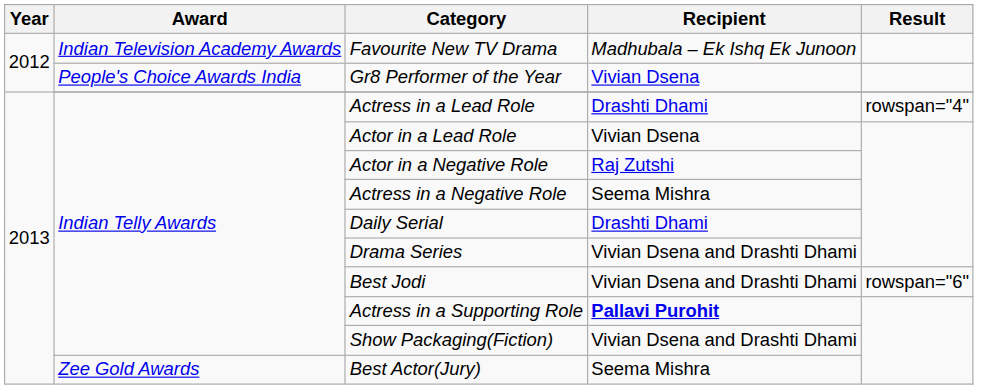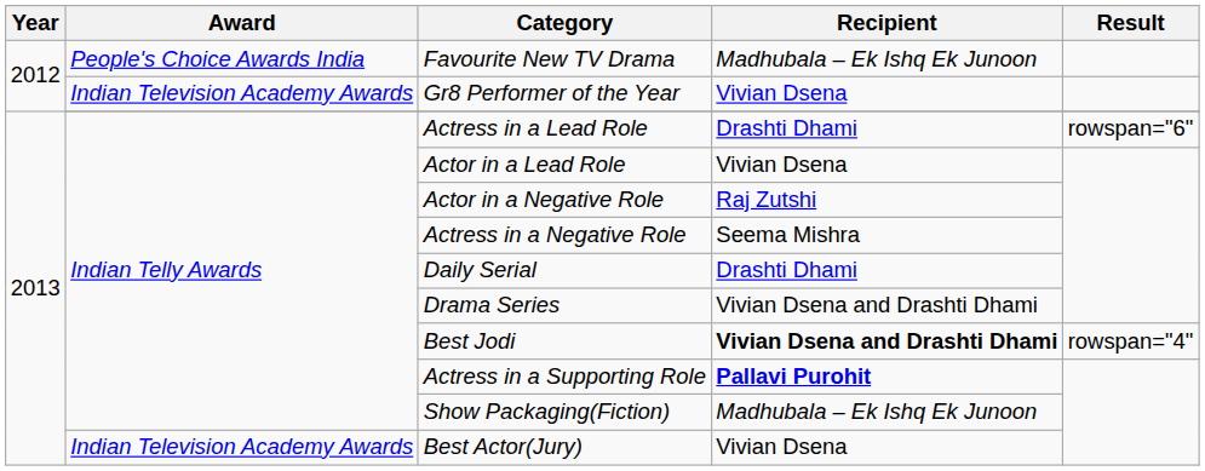 <table class="wikitable">
 <tr>
 <th>Year</th>
 <th>Award</th>
 <th>Category</th>
 <th>Recipient</th>
 <th>Result</th>
 </tr>
 <tr>
 <td rowspan="2">2012</td>
-<td><em><a href='#'>Indian Television Academy Awards</a></em></td>
+<td><em><a href='#'>People's Choice Awards India</a></em></td>
 <td><em>Favourite New TV Drama</em></td>
 <td><em>Madhubala – Ek Ishq Ek Junoon</em></td>
 <td></td>
 </tr>
 <tr>
-<td><em><a href='#'>People's Choice Awards India</a></em></td>
+<td><em><a href='#'>Indian Television Academy Awards</a></em></td>
 <td><em>Gr8 Performer of the Year</em></td>
 <td><a href='#'>Vivian Dsena</a></td>
 <td></td>
 </tr>
 <tr a>
 <td rowspan="11">2013</td>
 </tr>
 <tr>
 <td rowspan="9"><em><a href='#'>Indian Telly Awards</a></em></td>
 <td><em>Actress in a Lead Role</em></td>
 <td><a href='#'>Drashti Dhami</a></td>
-<td>rowspan="4" </td>
+<td>rowspan="6" </td>
 </tr>
 <tr>
 <td><em>Actor in a Lead Role</em></td>
 <td>Vivian Dsena</td>
 </tr>
 <tr>
 <td><em>Actor in a Negative Role</em></td>
 <td><a href='#'>Raj Zutshi</a></td>
 </tr>
 <tr>
 <td><em>Actress in a Negative Role</em></td>
 <td>Seema Mishra</td>
 </tr>
 <tr>
 <td><em>Daily Serial</em></td>
 <td><a href='#'>Drashti Dhami</a></td>
 </tr>
 <tr>
 <td><em>Drama Series</em></td>
 <td>Vivian Dsena and Drashti Dhami</td>
 </tr>
 <tr>
 <td><em>Best Jodi</em></td>
-<td>Vivian Dsena and Drashti Dhami</td>
-<td>rowspan="6" </td>
+<td><strong>Vivian Dsena and Drashti Dhami</strong></td>
+<td>rowspan="4" </td>
 </tr>
 <tr>
 <td><em>Actress in a Supporting Role</em></td>
 <td><strong><a href='#'>Pallavi Purohit</a></strong></td>
 </tr>
 <tr>
 <td><em>Show Packaging(Fiction)</em></td>
-<td>Vivian Dsena and Drashti Dhami</td>
+<td><em>Madhubala – Ek Ishq Ek Junoon</em></td>
 </tr>
 <tr>
-<td><em><a href='#'>Zee Gold Awards</a></em></td>
+<td><em><a href='#'>Indian Television Academy Awards</a></em></td>
 <td><em>Best Actor(Jury)</em></td>
-<td>Seema Mishra</td>
+<td>Vivian Dsena</td>
 </tr>
 </table>
